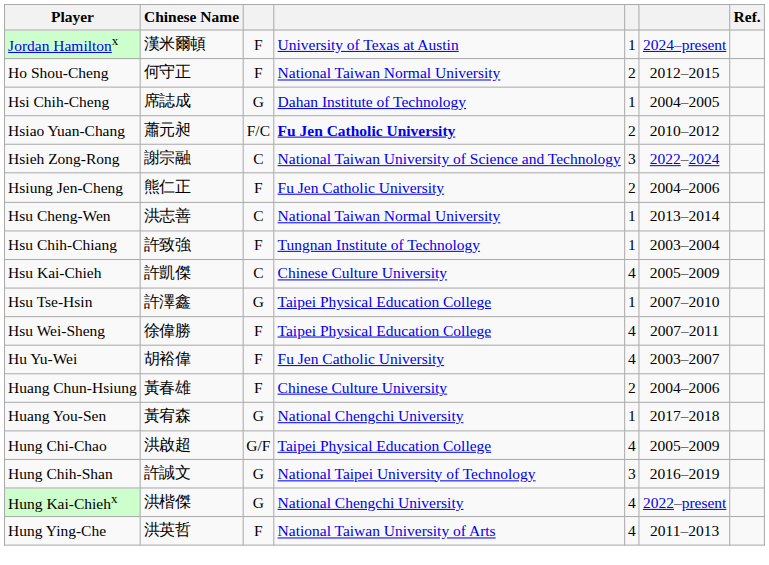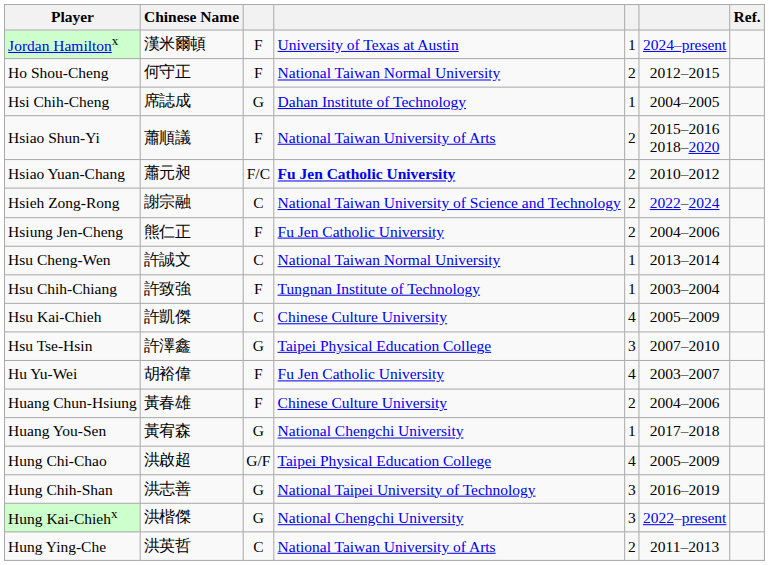 <table class="wikitable sortable" style="font-size:95%; text-align:left;">
 <tr>
 <th>Player</th>
 <th>Chinese Name</th>
 <th></th>
 <th></th>
 <th></th>
 <th></th>
 <th>Ref.</th>
 </tr>
 <tr>
 <td bgcolor="#CCFFCC"><a href='#'>Jordan Hamilton</a><sup>x</sup></td>
 <td>漢米爾頓</td>
 <td align="center">F</td>
 <td><a href='#'>University of Texas at Austin</a></td>
 <td align="center">1</td>
 <td align="center"><a href='#'>2024–present</a></td>
 <td></td>
 </tr>
 <tr>
 <td>Ho Shou-Cheng</td>
 <td>何守正</td>
 <td align="center">F</td>
 <td><a href='#'>National Taiwan Normal University</a></td>
 <td align="center">2</td>
 <td align="center">2012–2015</td>
 <td></td>
 </tr>
 <tr>
 <td>Hsi Chih-Cheng</td>
 <td>席誌成</td>
 <td align="center">G</td>
 <td><a href='#'>Dahan Institute of Technology</a></td>
 <td align="center">1</td>
 <td align="center">2004–2005</td>
 <td></td>
 </tr>
 <tr>
+<td>Hsiao Shun-Yi</td>
+<td>蕭順議</td>
+<td align="center">F</td>
+<td><a href='#'>National Taiwan University of Arts</a></td>
+<td align="center">2</td>
+<td align="center">2015–2016<br>2018–<a href='#'>2020</a></td>
+<td></td>
+</tr>
+<tr>
 <td>Hsiao Yuan-Chang</td>
 <td>蕭元昶</td>
 <td align="center">F/C</td>
 <td><strong><a href='#'>Fu Jen Catholic University</a></strong></td>
 <td align="center">2</td>
 <td align="center">2010–2012</td>
 <td></td>
 </tr>
 <tr>
 <td>Hsieh Zong-Rong</td>
 <td>謝宗融</td>
 <td align="center">C</td>
 <td><a href='#'>National Taiwan University of Science and Technology</a></td>
-<td align="center">3</td>
+<td align="center">2</td>
 <td align="center"><a href='#'>2022</a>–<a href='#'>2024</a></td>
 <td></td>
 </tr>
 <tr>
 <td>Hsiung Jen-Cheng</td>
 <td>熊仁正</td>
 <td align="center">F</td>
 <td><a href='#'>Fu Jen Catholic University</a></td>
 <td align="center">2</td>
 <td align="center">2004–2006</td>
 <td></td>
 </tr>
 <tr>
 <td>Hsu Cheng-Wen</td>
-<td>洪志善</td>
+<td>許誠文</td>
 <td align="center">C</td>
 <td><a href='#'>National Taiwan Normal University</a></td>
 <td align="center">1</td>
 <td align="center">2013–2014</td>
 <td></td>
 </tr>
 <tr>
 <td>Hsu Chih-Chiang</td>
 <td>許致強</td>
 <td align="center">F</td>
 <td><a href='#'>Tungnan Institute of Technology</a></td>
 <td align="center">1</td>
 <td align="center">2003–2004</td>
 <td></td>
 </tr>
 <tr>
 <td>Hsu Kai-Chieh</td>
 <td>許凱傑</td>
 <td align="center">C</td>
 <td><a href='#'>Chinese Culture University</a></td>
 <td align="center">4</td>
 <td align="center">2005–2009</td>
 <td></td>
 </tr>
 <tr>
 <td>Hsu Tse-Hsin</td>
 <td>許澤鑫</td>
 <td align="center">G</td>
 <td><a href='#'>Taipei Physical Education College</a></td>
-<td align="center">1</td>
+<td align="center">3</td>
 <td align="center">2007–2010</td>
-<td></td>
-</tr>
-<tr>
-<td>Hsu Wei-Sheng</td>
-<td>徐偉勝</td>
-<td align="center">F</td>
-<td><a href='#'>Taipei Physical Education College</a></td>
-<td align="center">4</td>
-<td align="center">2007–2011</td>
 <td></td>
 </tr>
 <tr>
 <td>Hu Yu-Wei</td>
 <td>胡裕偉</td>
 <td align="center">F</td>
 <td><a href='#'>Fu Jen Catholic University</a></td>
 <td align="center">4</td>
 <td align="center">2003–2007</td>
 <td></td>
 </tr>
 <tr>
 <td>Huang Chun-Hsiung</td>
 <td>黃春雄</td>
 <td align="center">F</td>
 <td><a href='#'>Chinese Culture University</a></td>
 <td align="center">2</td>
 <td align="center">2004–2006</td>
 <td></td>
 </tr>
 <tr>
 <td>Huang You-Sen</td>
 <td>黃宥森</td>
 <td align="center">G</td>
 <td><a href='#'>National Chengchi University</a></td>
 <td align="center">1</td>
 <td align="center">2017–2018</td>
 <td></td>
 </tr>
 <tr>
 <td>Hung Chi-Chao</td>
 <td>洪啟超</td>
 <td align="center">G/F</td>
 <td><a href='#'>Taipei Physical Education College</a></td>
 <td align="center">4</td>
 <td align="center">2005–2009</td>
 <td></td>
 </tr>
 <tr>
 <td>Hung Chih-Shan</td>
-<td>許誠文</td>
+<td>洪志善</td>
 <td align="center">G</td>
 <td><a href='#'>National Taipei University of Technology</a></td>
 <td align="center">3</td>
 <td align="center">2016–2019</td>
 <td></td>
 </tr>
 <tr>
 <td bgcolor="#CCFFCC">Hung Kai-Chieh<sup>x</sup></td>
 <td>洪楷傑</td>
 <td align="center">G</td>
 <td><a href='#'>National Chengchi University</a></td>
-<td align="center">4</td>
+<td align="center">3</td>
 <td align="center"><a href='#'>2022</a>–<a href='#'>present</a></td>
 <td></td>
 </tr>
 <tr>
 <td>Hung Ying-Che</td>
 <td>洪英哲</td>
-<td align="center">F</td>
+<td align="center">C</td>
 <td><a href='#'>National Taiwan University of Arts</a></td>
-<td align="center">4</td>
+<td align="center">2</td>
 <td align="center">2011–2013</td>
 <td></td>
 </tr>
 </table>
